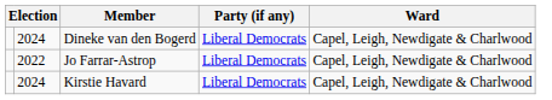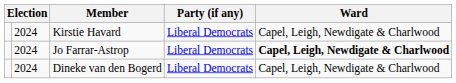 <table class="wikitable">
 <tr>
 <th colspan="2">Election</th>
 <th>Member</th>
 <th>Party (if any)</th>
 <th>Ward</th>
 </tr>
 <tr>
 <td style="background-color: "></td>
 <td>2024</td>
-<td>Dineke van den Bogerd</td>
-<td><a href='#'>Liberal Democrats</a></td>
-<td>Capel, Leigh, Newdigate & Charlwood</td>
-</tr>
-<tr>
-<td style="background-color: "></td>
-<td>2022</td>
-<td>Jo Farrar-Astrop</td>
+<td>Kirstie Havard</td>
 <td><a href='#'>Liberal Democrats</a></td>
 <td>Capel, Leigh, Newdigate & Charlwood</td>
 </tr>
 <tr>
 <td style="background-color: "></td>
 <td>2024</td>
-<td>Kirstie Havard</td>
+<td>Jo Farrar-Astrop</td>
+<td><a href='#'>Liberal Democrats</a></td>
+<td><strong>Capel, Leigh, Newdigate & Charlwood</strong></td>
+</tr>
+<tr>
+<td style="background-color: "></td>
+<td>2024</td>
+<td>Dineke van den Bogerd</td>
 <td><a href='#'>Liberal Democrats</a></td>
 <td>Capel, Leigh, Newdigate & Charlwood</td>
 </tr>
 </table>
